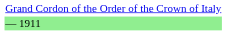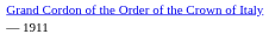 <table>
 <tr>
 <td rowspan=2 style="width:60px; vertical-align:top;"></td>
 <td><a href='#'>Grand Cordon of the Order of the Crown of Italy</a></td>
 </tr>
 <tr>
-<td style="background: lightgreen;">— 1911</td>
+<td>— 1911</td>
 </tr>
 </table>
